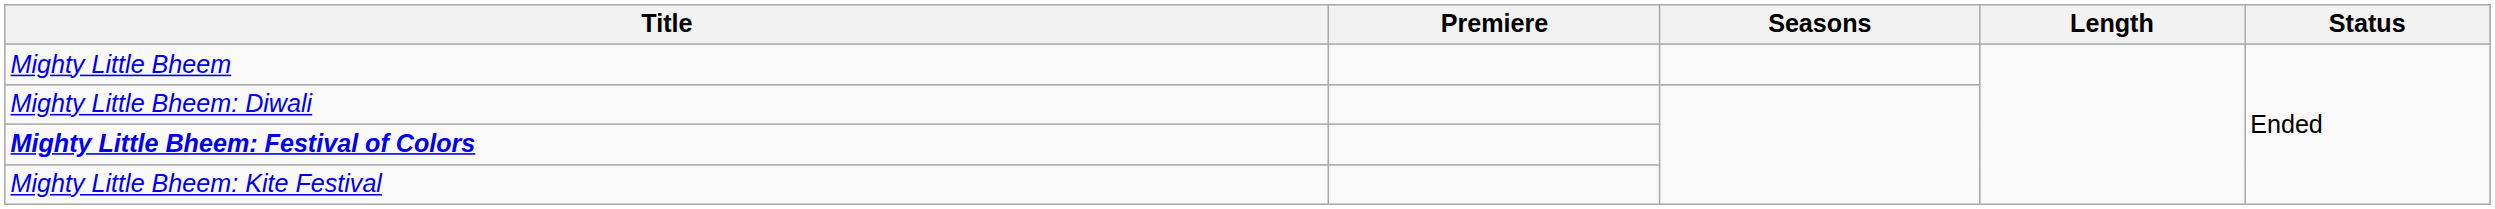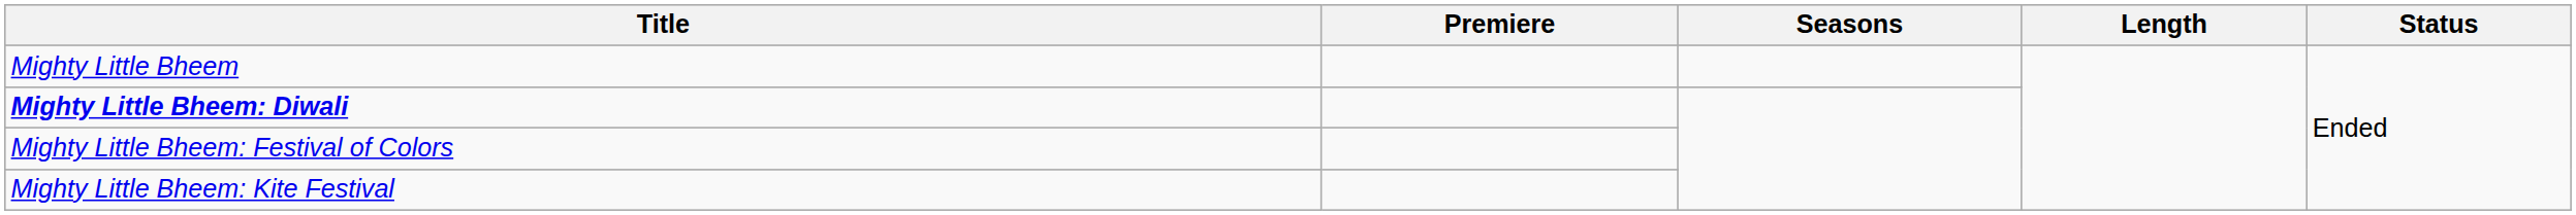 <table class="wikitable sortable" style="width:100%">
 <tr>
 <th>Title</th>
 <th>Premiere</th>
 <th>Seasons</th>
 <th>Length</th>
 <th>Status</th>
 </tr>
 <tr>
 <td><em><a href='#'>Mighty Little Bheem</a></em></td>
 <td></td>
 <td></td>
 <td rowspan="4"></td>
 <td rowspan="4">Ended</td>
 </tr>
 <tr>
-<td><em><a href='#'>Mighty Little Bheem: Diwali</a></em></td>
+<td><strong><em><a href='#'>Mighty Little Bheem: Diwali</a></em></strong></td>
 <td></td>
 <td rowspan="3"></td>
 </tr>
 <tr>
-<td><strong><em><a href='#'>Mighty Little Bheem: Festival of Colors</a></em></strong></td>
+<td><em><a href='#'>Mighty Little Bheem: Festival of Colors</a></em></td>
 <td></td>
 </tr>
 <tr>
 <td><em><a href='#'>Mighty Little Bheem: Kite Festival</a></em></td>
 <td><br></td>
 </tr>
 </table>
